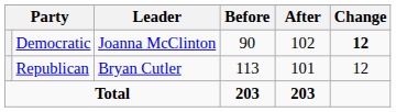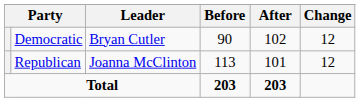 <table class="wikitable" style="text-align:center;">
 <tr>
 </tr>
 <tr>
 <th colspan=2>Party</th>
 <th>Leader</th>
 <th style="width:3em">Before</th>
 <th style="width:3em">After</th>
 <th style="width:3em">Change</th>
 </tr>
 <tr>
 <th style="background-color:"></th>
 <td style="text-align:left;"><a href='#'>Democratic</a></td>
-<td style="text-align:left;"><a href='#'>Joanna McClinton</a></td>
+<td style="text-align:left;"><a href='#'>Bryan Cutler</a></td>
 <td>90</td>
 <td>102</td>
-<td><strong> 12</strong></td>
+<td> 12</td>
 </tr>
 <tr>
 <th style="background-color:"></th>
 <td style="text-align:left;"><a href='#'>Republican</a></td>
-<td style="text-align:left;"><a href='#'>Bryan Cutler</a></td>
+<td style="text-align:left;"><a href='#'>Joanna McClinton</a></td>
 <td>113</td>
 <td>101</td>
 <td> 12</td>
 </tr>
 <tr>
 <td colspan=3><strong>Total</strong></td>
 <td><strong>203</strong></td>
 <td><strong>203</strong></td>
 <td></td>
 </tr>
 </table>
